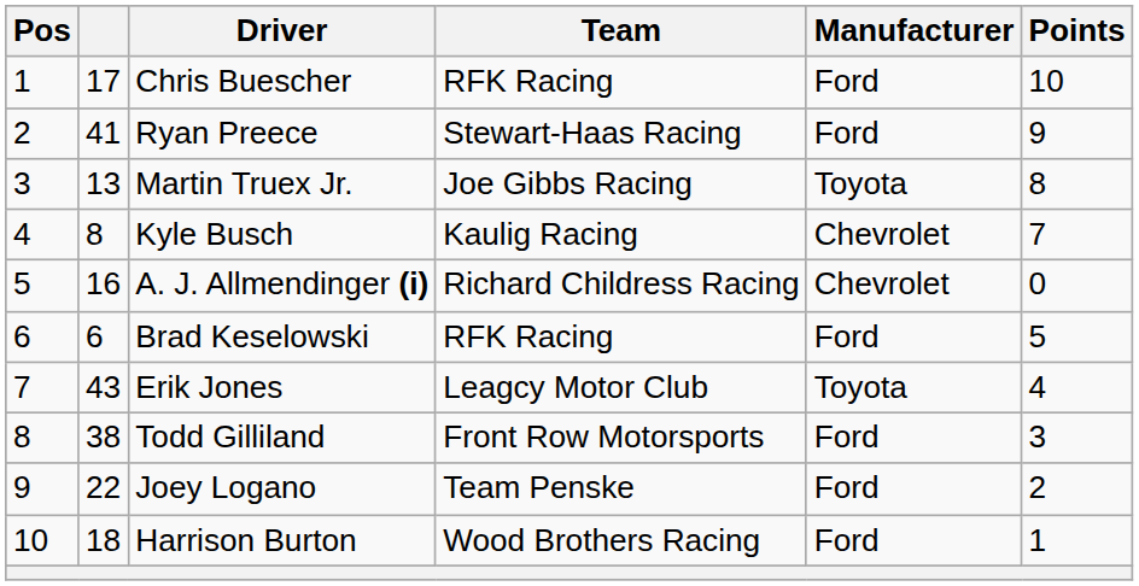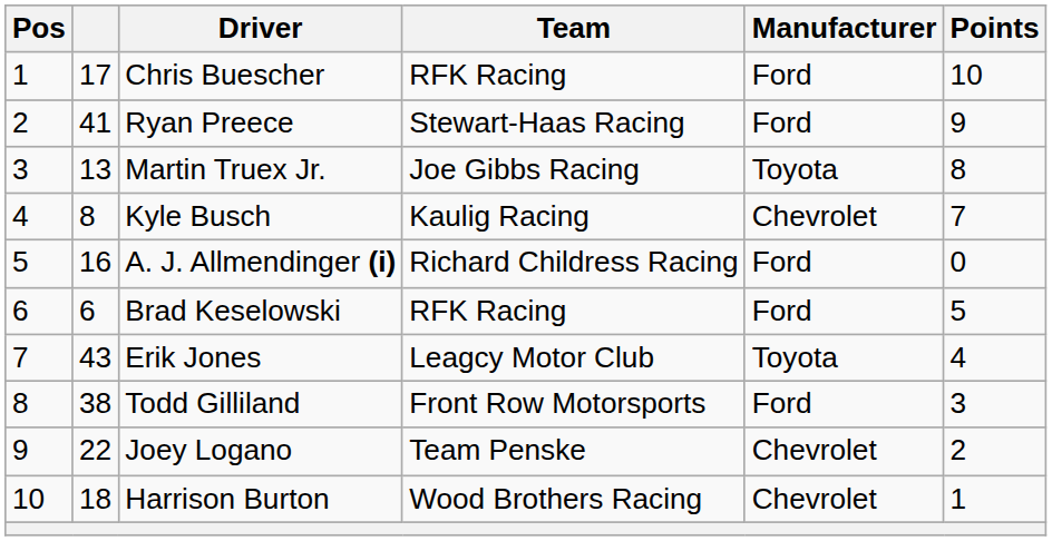 <table class="wikitable" style="font-size:98%">
 <tr>
 <th>Pos</th>
 <th></th>
 <th>Driver</th>
 <th>Team</th>
 <th>Manufacturer</th>
 <th>Points</th>
 </tr>
 <tr>
 <td>1</td>
 <td>17</td>
 <td>Chris Buescher</td>
 <td>RFK Racing</td>
 <td>Ford</td>
 <td>10</td>
 </tr>
 <tr>
 <td>2</td>
 <td>41</td>
 <td>Ryan Preece</td>
 <td>Stewart-Haas Racing</td>
 <td>Ford</td>
 <td>9</td>
 </tr>
 <tr>
 <td>3</td>
 <td>13</td>
 <td>Martin Truex Jr.</td>
 <td>Joe Gibbs Racing</td>
 <td>Toyota</td>
 <td>8</td>
 </tr>
 <tr>
 <td>4</td>
 <td>8</td>
 <td>Kyle Busch</td>
 <td>Kaulig Racing</td>
 <td>Chevrolet</td>
 <td>7</td>
 </tr>
 <tr>
 <td>5</td>
 <td>16</td>
 <td>A. J. Allmendinger <strong>(i)</strong></td>
 <td>Richard Childress Racing</td>
-<td>Chevrolet</td>
+<td>Ford</td>
 <td>0</td>
 </tr>
 <tr>
 <td>6</td>
 <td>6</td>
 <td>Brad Keselowski</td>
 <td>RFK Racing</td>
 <td>Ford</td>
 <td>5</td>
 </tr>
 <tr>
 <td>7</td>
 <td>43</td>
 <td>Erik Jones</td>
 <td>Leagcy Motor Club</td>
 <td>Toyota</td>
 <td>4</td>
 </tr>
 <tr>
 <td>8</td>
 <td>38</td>
 <td>Todd Gilliland</td>
 <td>Front Row Motorsports</td>
 <td>Ford</td>
 <td>3</td>
 </tr>
 <tr>
 <td>9</td>
 <td>22</td>
 <td>Joey Logano</td>
 <td>Team Penske</td>
-<td>Ford</td>
+<td>Chevrolet</td>
 <td>2</td>
 </tr>
 <tr>
 <td>10</td>
 <td>18</td>
 <td>Harrison Burton</td>
 <td>Wood Brothers Racing</td>
-<td>Ford</td>
+<td>Chevrolet</td>
 <td>1</td>
 </tr>
 <tr>
 <th colspan="6"></th>
 </tr>
 </table>
